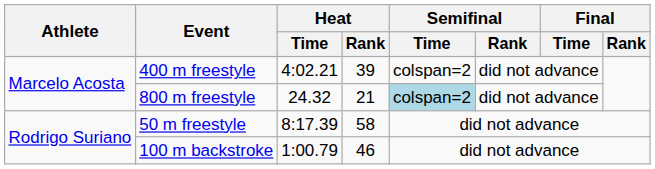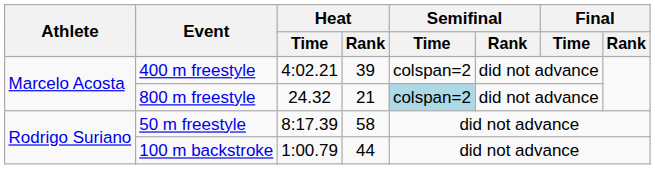 <table class=wikitable style="font-size:90%">
 <tr>
 <th rowspan="2">Athlete</th>
 <th rowspan="2">Event</th>
 <th colspan="2">Heat</th>
 <th colspan="2">Semifinal</th>
 <th colspan="2">Final</th>
 </tr>
 <tr style="font-size:95%">
 <th>Time</th>
 <th>Rank</th>
 <th>Time</th>
 <th>Rank</th>
 <th>Time</th>
 <th>Rank</th>
 </tr>
 <tr align=center>
 <td align=left rowspan=2><a href='#'>Marcelo Acosta</a></td>
 <td align=left><a href='#'>400 m freestyle</a></td>
 <td>4:02.21</td>
 <td>39</td>
 <td>colspan=2 </td>
 <td colspan=2>did not advance</td>
 </tr>
 <tr align=center>
 <td align=left><a href='#'>800 m freestyle</a></td>
 <td>24.32</td>
 <td>21</td>
 <td style="background: lightblue;">colspan=2 </td>
 <td colspan=2>did not advance</td>
 </tr>
 <tr align=center>
 <td align=left rowspan=2><a href='#'>Rodrigo Suriano</a></td>
 <td align=left><a href='#'>50 m freestyle</a></td>
 <td>8:17.39</td>
 <td>58</td>
 <td colspan=4>did not advance</td>
 </tr>
 <tr align=center>
 <td align=left><a href='#'>100 m backstroke</a></td>
 <td>1:00.79</td>
-<td>46</td>
+<td>44</td>
 <td colspan=4>did not advance</td>
 </tr>
 </table>
